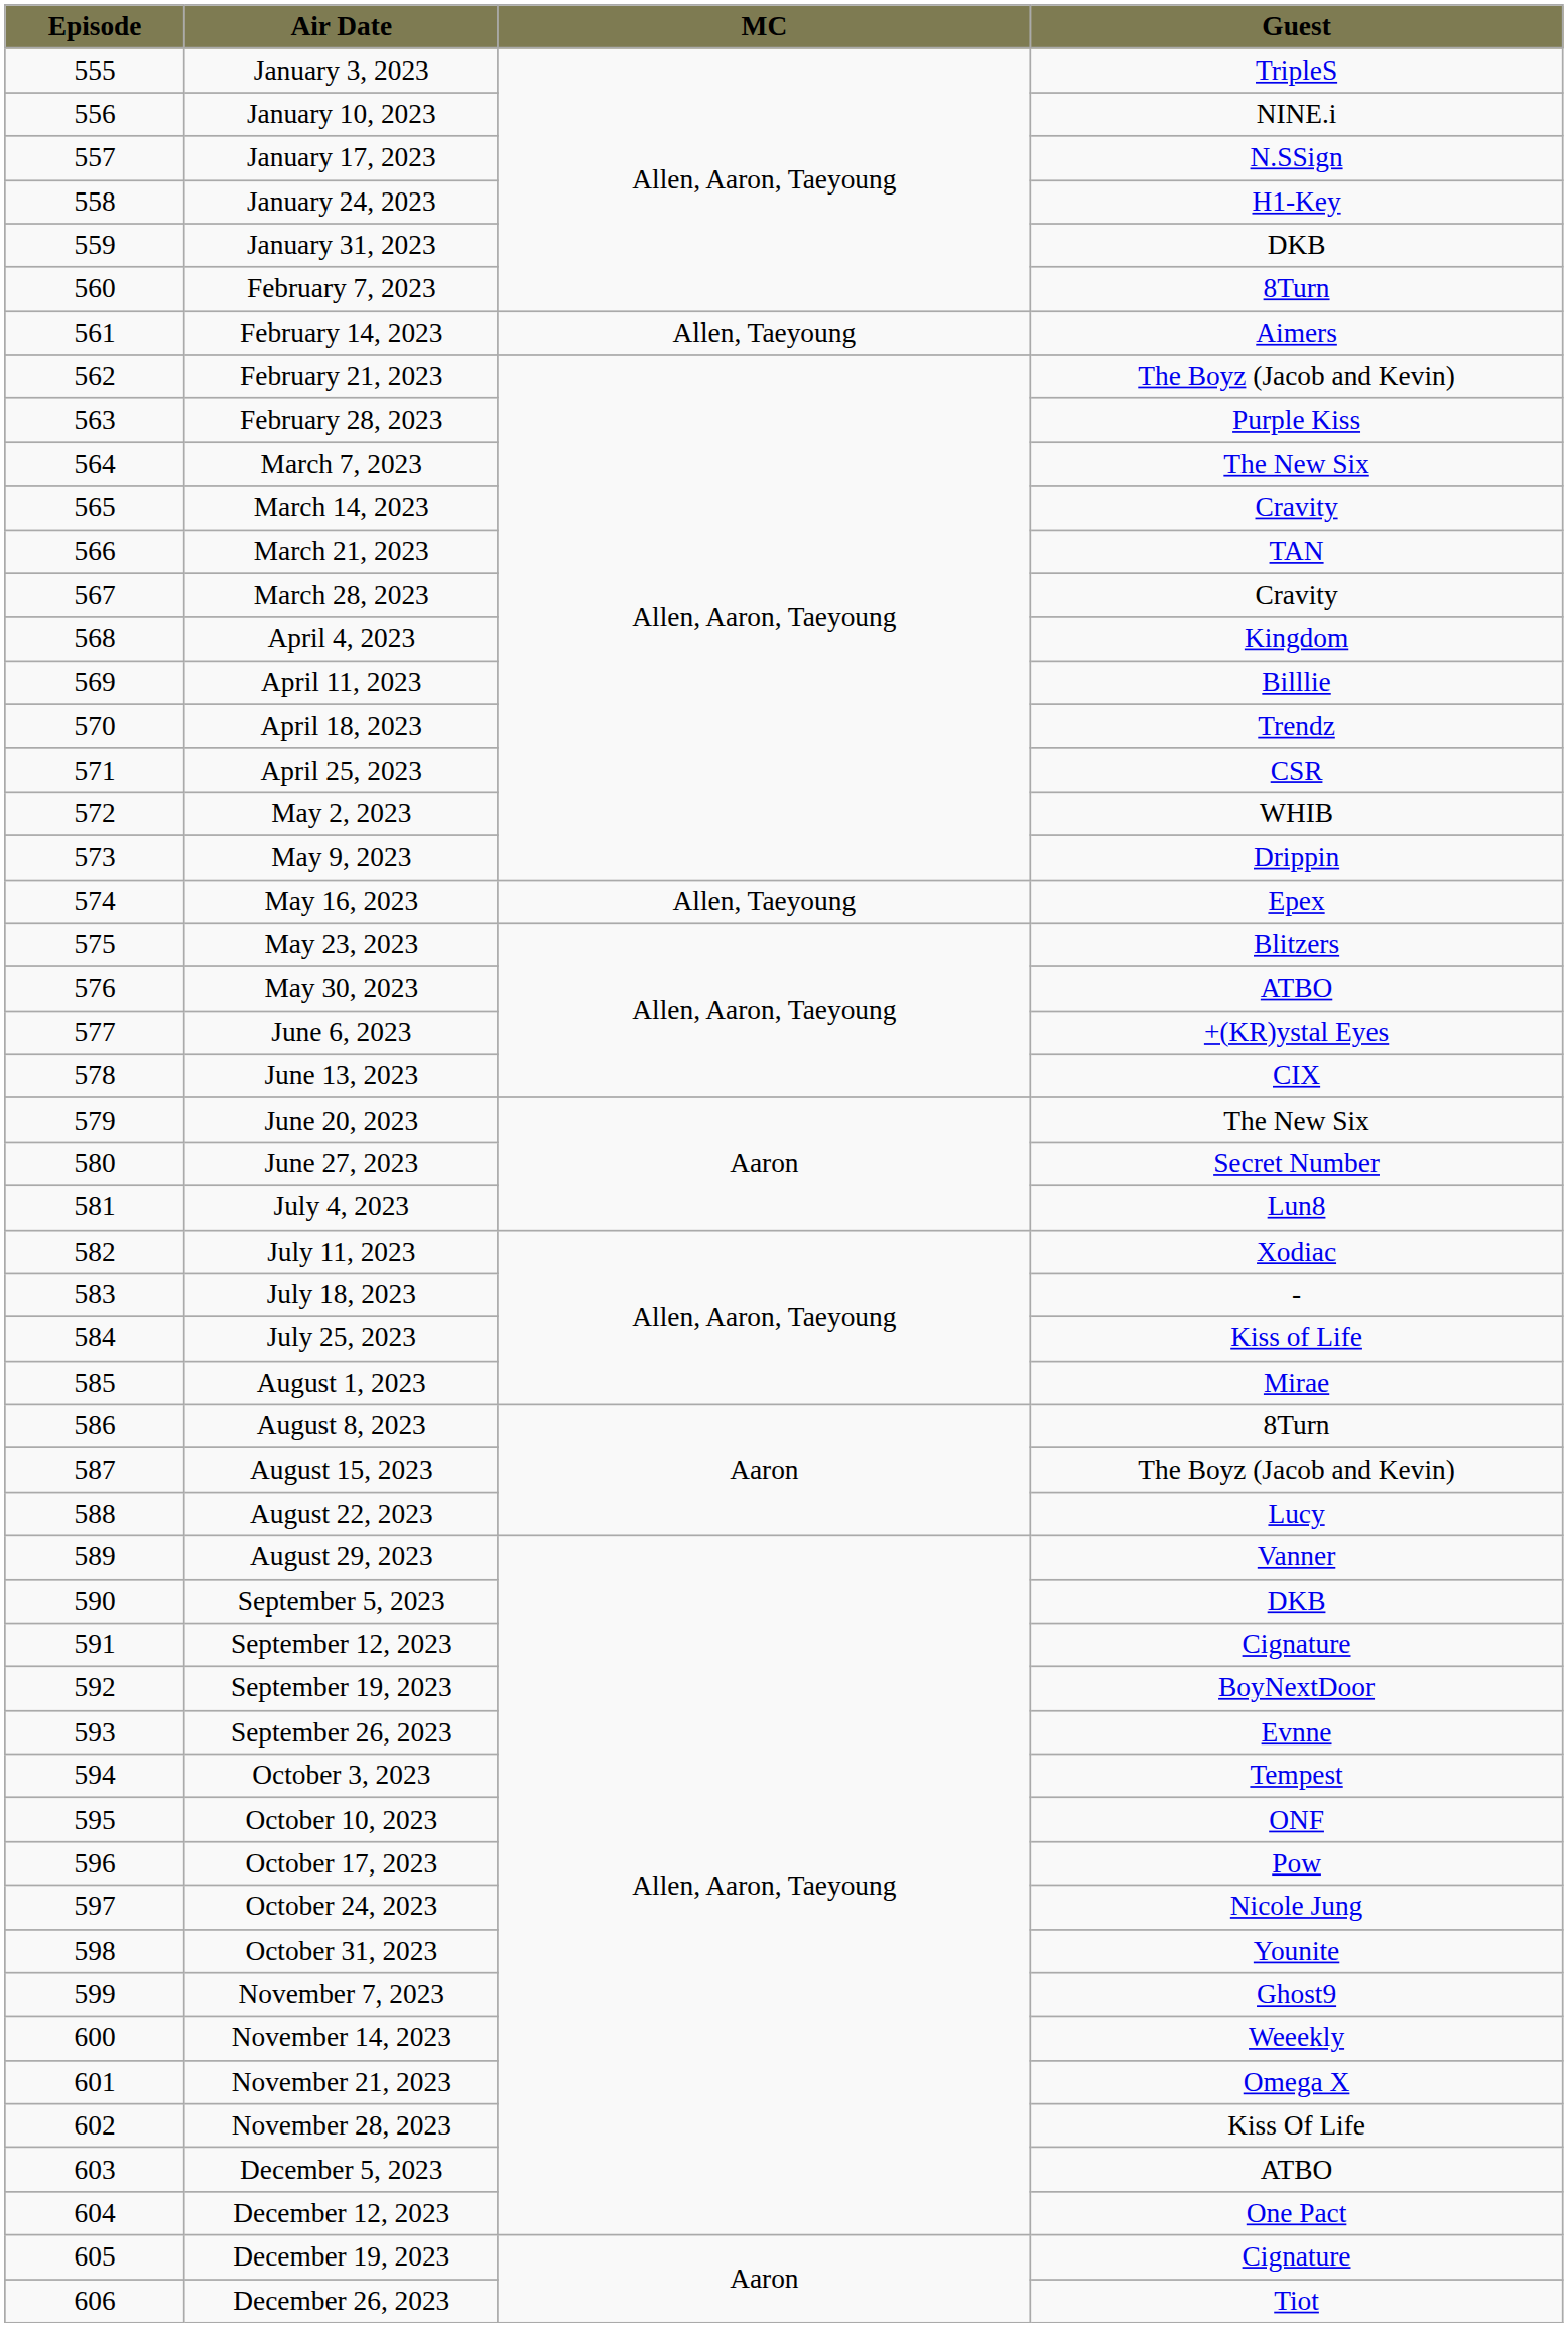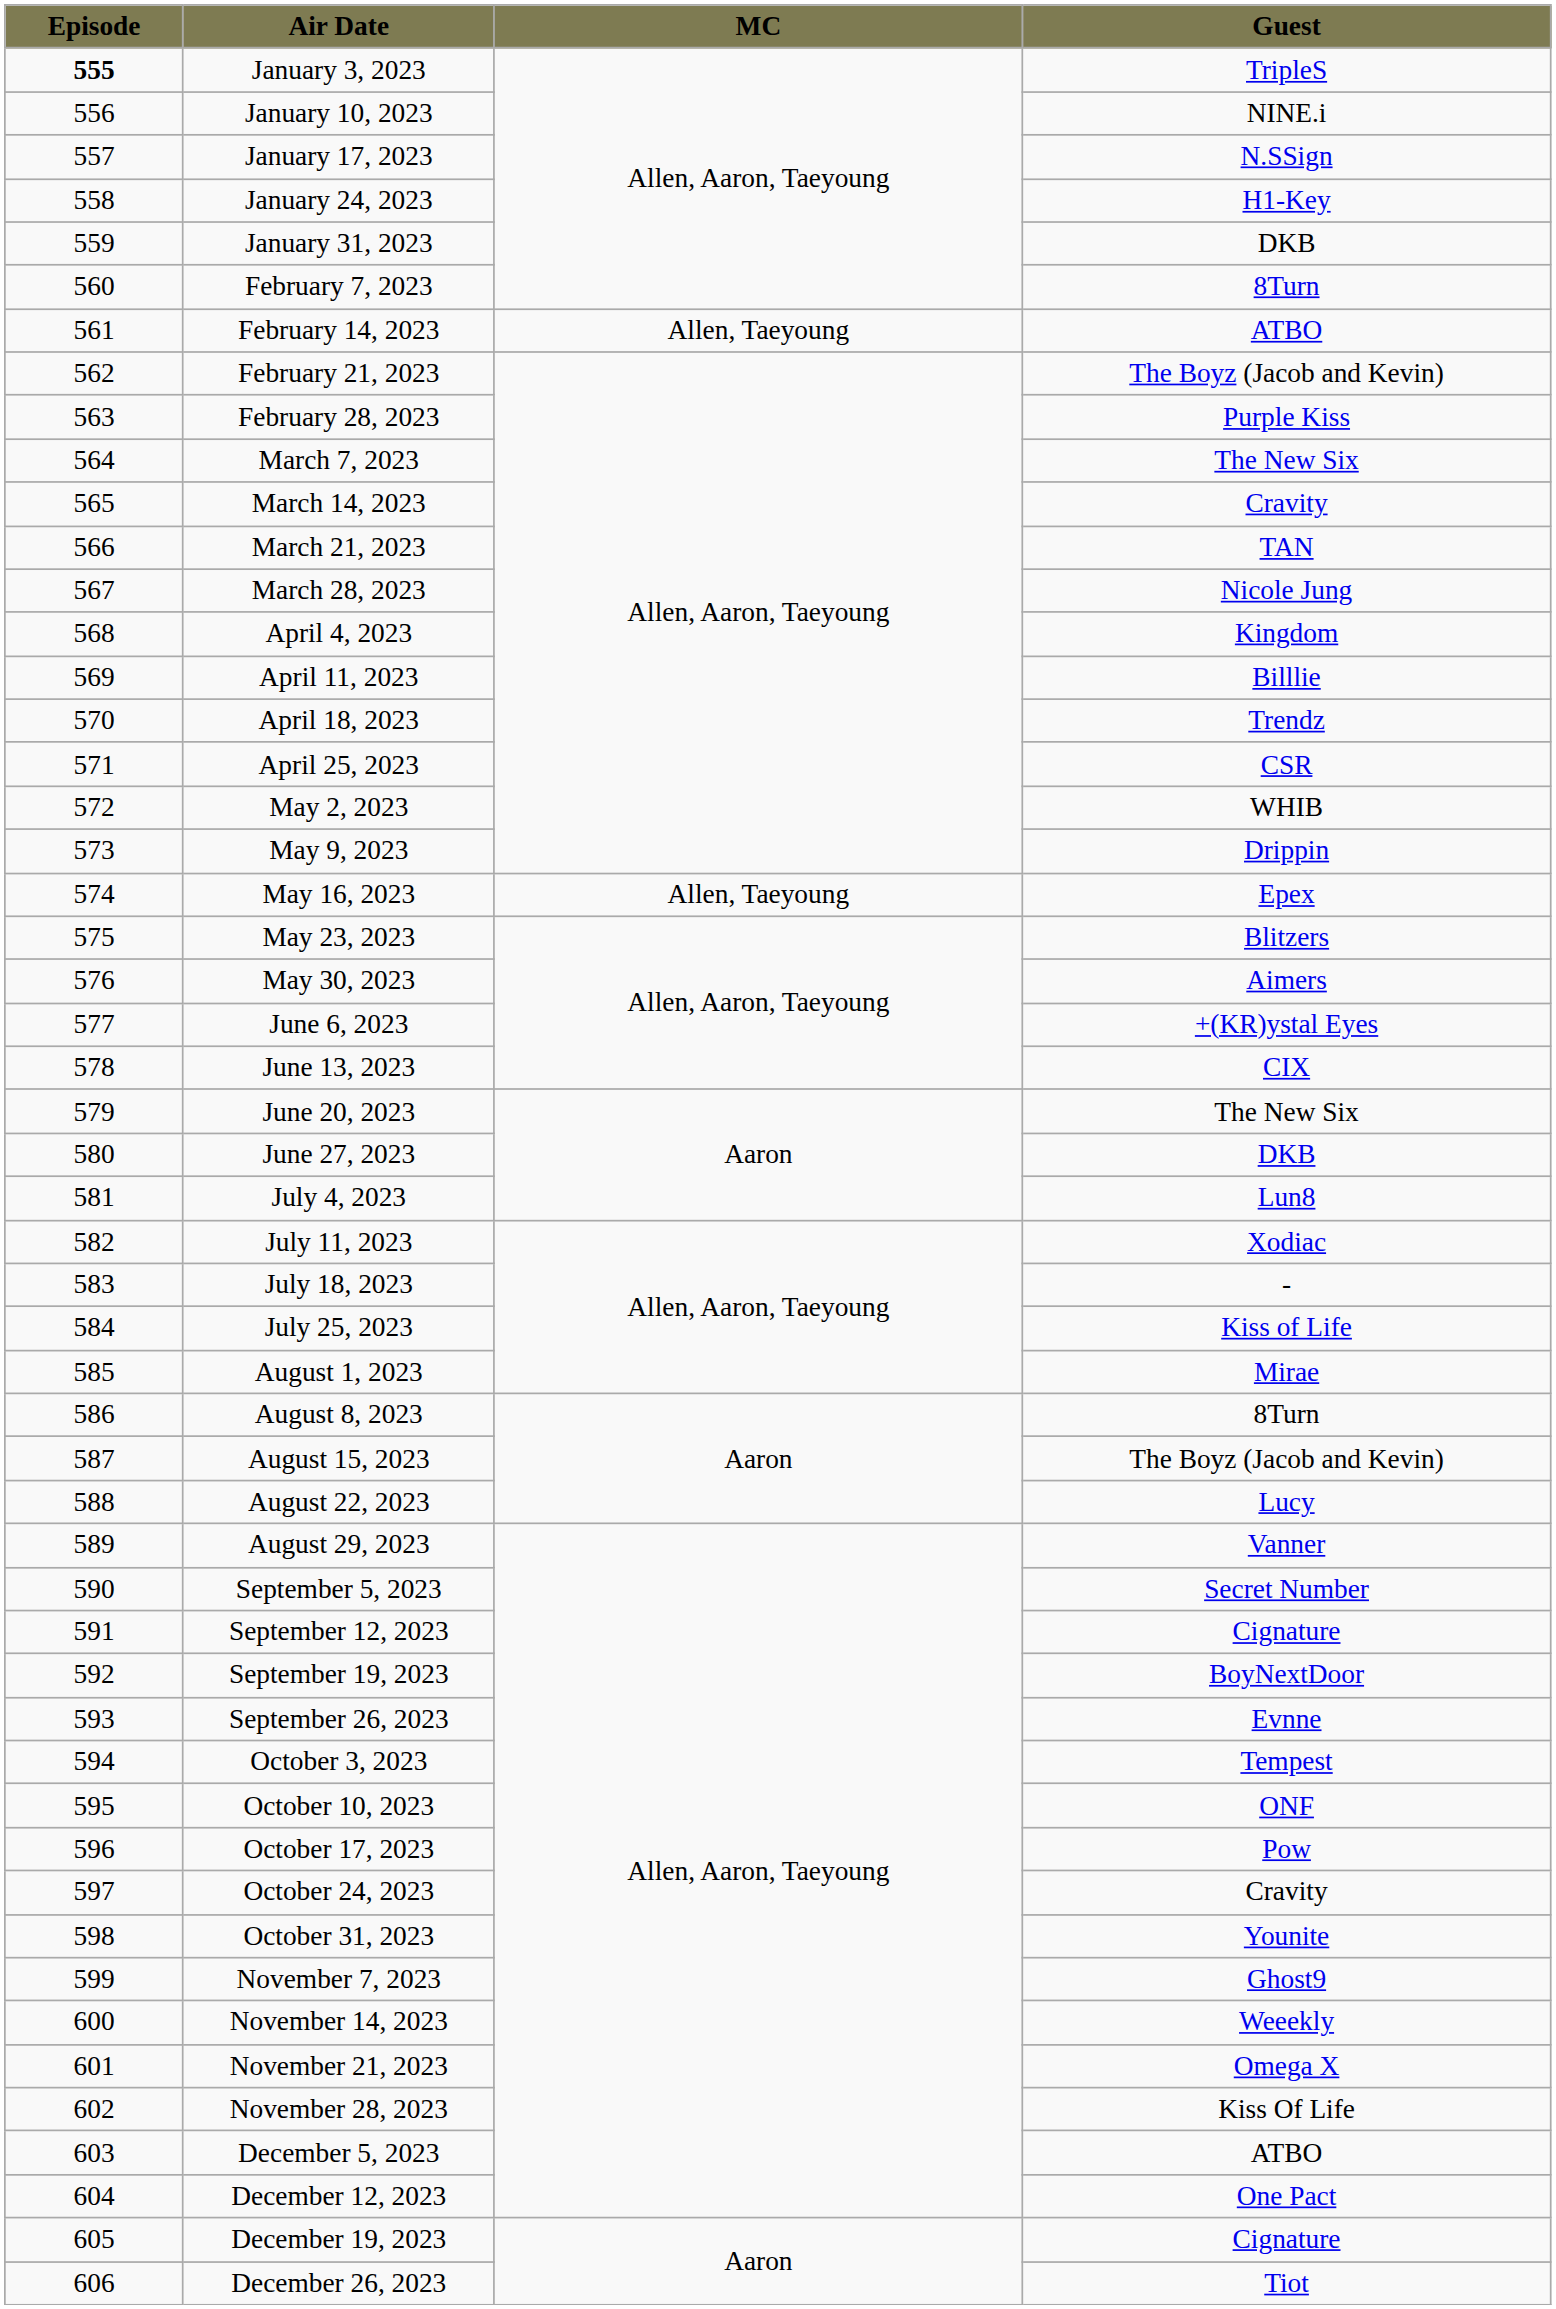 <table class="wikitable" style="text-align:center;" width="905px">
 <tr>
 <th style="background:#7E7B52; width:50px;">Episode</th>
 <th style="background:#7E7B52; width:100px;">Air Date</th>
 <th style="background:#7E7B52; width:175px;">MC</th>
 <th style="background:#7E7B52; width:175px;">Guest</th>
 </tr>
 <tr>
-<td>555</td>
+<td><strong>555</strong></td>
 <td>January 3, 2023</td>
 <td rowspan="6">Allen, Aaron, Taeyoung</td>
 <td><a href='#'>TripleS</a></td>
 </tr>
 <tr>
 <td>556<br></td>
 <td>January 10, 2023</td>
 <td>NINE.i</td>
 </tr>
 <tr>
 <td>557</td>
 <td>January 17, 2023</td>
 <td><a href='#'>N.SSign</a></td>
 </tr>
 <tr>
 <td>558<br></td>
 <td>January 24, 2023</td>
 <td><a href='#'>H1-Key</a></td>
 </tr>
 <tr>
 <td>559</td>
 <td>January 31, 2023</td>
 <td>DKB</td>
 </tr>
 <tr>
 <td>560</td>
 <td>February 7, 2023</td>
 <td><a href='#'>8Turn</a></td>
 </tr>
 <tr>
 <td>561</td>
 <td>February 14, 2023</td>
 <td rowspan="1">Allen, Taeyoung</td>
-<td><a href='#'>Aimers</a></td>
+<td><a href='#'>ATBO</a></td>
 </tr>
 <tr>
 <td>562</td>
 <td>February 21, 2023</td>
 <td rowspan="12">Allen, Aaron, Taeyoung</td>
 <td><a href='#'>The Boyz</a> (Jacob and Kevin)</td>
 </tr>
 <tr>
 <td>563</td>
 <td>February 28, 2023</td>
 <td><a href='#'>Purple Kiss</a></td>
 </tr>
 <tr>
 <td>564<br></td>
 <td>March 7, 2023</td>
 <td><a href='#'>The New Six</a></td>
 </tr>
 <tr>
 <td>565</td>
 <td>March 14, 2023</td>
 <td><a href='#'>Cravity</a></td>
 </tr>
 <tr>
 <td>566</td>
 <td>March 21, 2023</td>
 <td><a href='#'>TAN</a></td>
 </tr>
 <tr>
 <td>567</td>
 <td>March 28, 2023</td>
-<td>Cravity</td>
+<td><a href='#'>Nicole Jung</a></td>
 </tr>
 <tr>
 <td>568</td>
 <td>April 4, 2023</td>
 <td><a href='#'>Kingdom</a></td>
 </tr>
 <tr>
 <td>569</td>
 <td>April 11, 2023</td>
 <td><a href='#'>Billlie</a></td>
 </tr>
 <tr>
 <td>570</td>
 <td>April 18, 2023</td>
 <td><a href='#'>Trendz</a></td>
 </tr>
 <tr>
 <td>571</td>
 <td>April 25, 2023</td>
 <td><a href='#'>CSR</a></td>
 </tr>
 <tr>
 <td>572</td>
 <td>May 2, 2023</td>
 <td>WHIB</td>
 </tr>
 <tr>
 <td>573</td>
 <td>May 9, 2023</td>
 <td><a href='#'>Drippin</a></td>
 </tr>
 <tr>
 <td>574</td>
 <td>May 16, 2023</td>
 <td rowspan="1">Allen, Taeyoung</td>
 <td><a href='#'>Epex</a></td>
 </tr>
 <tr>
 <td>575</td>
 <td>May 23, 2023</td>
 <td rowspan="4">Allen, Aaron, Taeyoung</td>
 <td><a href='#'>Blitzers</a></td>
 </tr>
 <tr>
 <td>576<br></td>
 <td>May 30, 2023</td>
-<td><a href='#'>ATBO</a></td>
+<td><a href='#'>Aimers</a></td>
 </tr>
 <tr>
 <td>577<br></td>
 <td>June 6, 2023</td>
 <td><a href='#'>+(KR)ystal Eyes</a></td>
 </tr>
 <tr>
 <td>578</td>
 <td>June 13, 2023</td>
 <td><a href='#'>CIX</a></td>
 </tr>
 <tr>
 <td>579<br></td>
 <td>June 20, 2023</td>
 <td rowspan="3">Aaron</td>
 <td>The New Six</td>
 </tr>
 <tr>
 <td>580</td>
 <td>June 27, 2023</td>
-<td><a href='#'>Secret Number</a></td>
+<td><a href='#'>DKB</a></td>
 </tr>
 <tr>
 <td>581</td>
 <td>July 4, 2023</td>
 <td><a href='#'>Lun8</a></td>
 </tr>
 <tr>
 <td>582</td>
 <td>July 11, 2023</td>
 <td rowspan="4">Allen, Aaron, Taeyoung</td>
 <td><a href='#'>Xodiac</a></td>
 </tr>
 <tr>
 <td>583<br></td>
 <td>July 18, 2023</td>
 <td>-</td>
 </tr>
 <tr>
 <td>584</td>
 <td>July 25, 2023</td>
 <td><a href='#'>Kiss of Life</a></td>
 </tr>
 <tr>
 <td>585<br></td>
 <td>August 1, 2023</td>
 <td><a href='#'>Mirae</a></td>
 </tr>
 <tr>
 <td>586<br></td>
 <td>August 8, 2023</td>
 <td rowspan="3">Aaron</td>
 <td>8Turn</td>
 </tr>
 <tr>
 <td>587</td>
 <td>August 15, 2023</td>
 <td>The Boyz (Jacob and Kevin)</td>
 </tr>
 <tr>
 <td>588</td>
 <td>August 22, 2023</td>
 <td><a href='#'>Lucy</a></td>
 </tr>
 <tr>
 <td>589</td>
 <td>August 29, 2023</td>
 <td rowspan="16”">Allen, Aaron, Taeyoung</td>
 <td><a href='#'>Vanner</a></td>
 </tr>
 <tr>
 <td>590</td>
 <td>September 5, 2023</td>
-<td><a href='#'>DKB</a></td>
+<td><a href='#'>Secret Number</a></td>
 </tr>
 <tr>
 <td>591<br></td>
 <td>September 12, 2023</td>
 <td><a href='#'>Cignature</a></td>
 </tr>
 <tr>
 <td>592</td>
 <td>September 19, 2023</td>
 <td><a href='#'>BoyNextDoor</a></td>
 </tr>
 <tr>
 <td>593</td>
 <td>September 26, 2023</td>
 <td><a href='#'>Evnne</a></td>
 </tr>
 <tr>
 <td>594</td>
 <td>October 3, 2023</td>
 <td><a href='#'>Tempest</a></td>
 </tr>
 <tr>
 <td>595</td>
 <td>October 10, 2023</td>
 <td><a href='#'>ONF</a></td>
 </tr>
 <tr>
 <td>596</td>
 <td>October 17, 2023</td>
 <td><a href='#'>Pow</a></td>
 </tr>
 <tr>
 <td>597<br></td>
 <td>October 24, 2023</td>
-<td><a href='#'>Nicole Jung</a></td>
+<td>Cravity</td>
 </tr>
 <tr>
 <td>598</td>
 <td>October 31, 2023</td>
 <td><a href='#'>Younite</a></td>
 </tr>
 <tr>
 <td>599</td>
 <td>November 7, 2023</td>
 <td><a href='#'>Ghost9</a></td>
 </tr>
 <tr>
 <td>600</td>
 <td>November 14, 2023</td>
 <td><a href='#'>Weeekly</a></td>
 </tr>
 <tr>
 <td>601</td>
 <td>November 21, 2023</td>
 <td><a href='#'>Omega X</a></td>
 </tr>
 <tr>
 <td>602</td>
 <td>November 28, 2023</td>
 <td>Kiss Of Life</td>
 </tr>
 <tr>
 <td>603<br></td>
 <td>December 5, 2023</td>
 <td>ATBO</td>
 </tr>
 <tr>
 <td>604<br></td>
 <td>December 12, 2023</td>
 <td><a href='#'>One Pact</a></td>
 </tr>
 <tr>
 <td>605</td>
 <td>December 19, 2023</td>
 <td rowspan="2">Aaron</td>
 <td><a href='#'>Cignature</a></td>
 </tr>
 <tr>
 <td>606</td>
 <td>December 26, 2023</td>
 <td><a href='#'>Tiot</a></td>
 </tr>
 </table>
